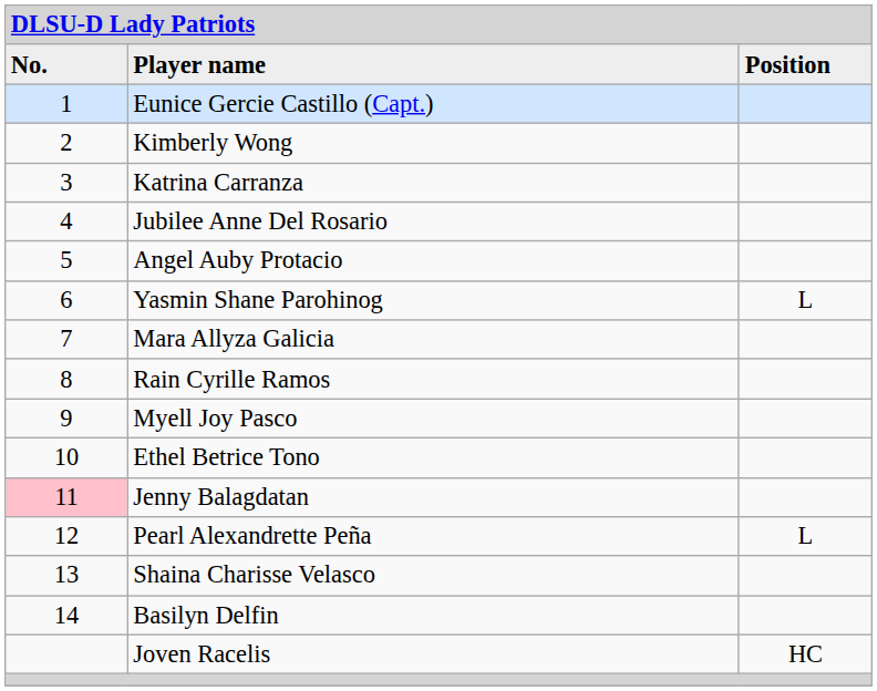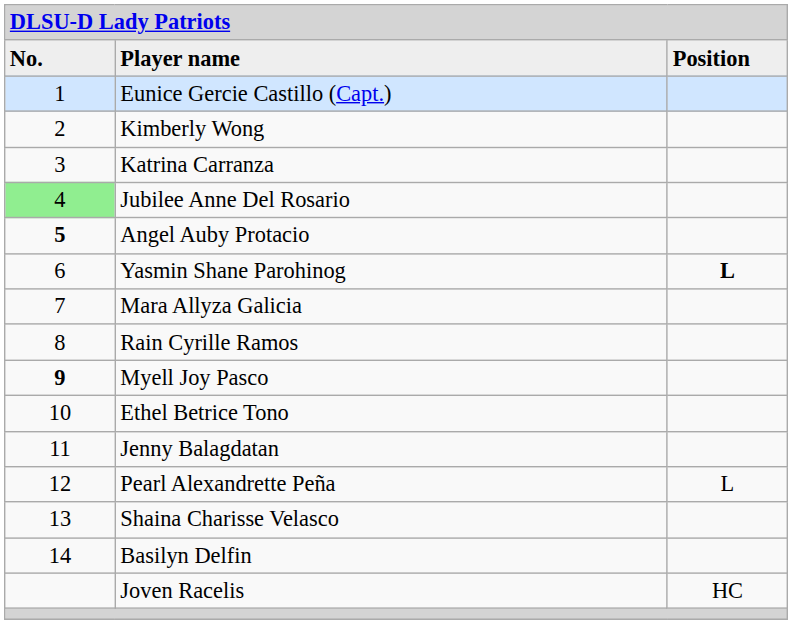 <table class="wikitable collapsible collapsed" style="font-size:100%;width:35em;">
 <tr>
 <th style="background:#D4D4D4; text-align:left;" colspan=3> <a href='#'>DLSU-D Lady Patriots</a></th>
 </tr>
 <tr style="background:#EEEEEE; font-weight:bold;">
 <td width=10%>No.</td>
 <td width=50%>Player name</td>
 <td width=10%>Position</td>
 </tr>
 <tr style="background:#D0E6FF;">
 <td align=center>1</td>
 <td>Eunice Gercie Castillo (<a href='#'>Capt.</a>)</td>
 <td align=center></td>
 </tr>
 <tr>
 <td align=center>2</td>
 <td>Kimberly Wong</td>
 <td align=center></td>
 </tr>
 <tr>
 <td align=center>3</td>
 <td>Katrina Carranza</td>
 <td align=center></td>
 </tr>
 <tr>
-<td align=center>4</td>
+<td align=center style="background: lightgreen;">4</td>
 <td>Jubilee Anne Del Rosario</td>
 <td align=center></td>
 </tr>
 <tr>
-<td align=center>5</td>
+<td align=center><strong>5</strong></td>
 <td>Angel Auby Protacio</td>
 <td align=center></td>
 </tr>
 <tr>
 <td align=center>6</td>
 <td>Yasmin Shane Parohinog</td>
-<td align=center>L</td>
+<td align=center><strong>L</strong></td>
 </tr>
 <tr>
 <td align=center>7</td>
 <td>Mara Allyza Galicia</td>
 <td align=center></td>
 </tr>
 <tr>
 <td align=center>8</td>
 <td>Rain Cyrille Ramos</td>
 <td align=center></td>
 </tr>
 <tr>
-<td align=center>9</td>
+<td align=center><strong>9</strong></td>
 <td>Myell Joy Pasco</td>
 <td align=center></td>
 </tr>
 <tr>
 <td align=center>10</td>
 <td>Ethel Betrice Tono</td>
 <td align=center></td>
 </tr>
 <tr>
-<td align=center style="background: pink;">11</td>
+<td align=center>11</td>
 <td>Jenny Balagdatan</td>
 <td align=center></td>
 </tr>
 <tr>
 <td align=center>12</td>
 <td>Pearl Alexandrette Peña</td>
 <td align=center>L</td>
 </tr>
 <tr>
 <td align=center>13</td>
 <td>Shaina Charisse Velasco</td>
 <td align=center></td>
 </tr>
 <tr>
 <td align=center>14</td>
 <td>Basilyn Delfin</td>
 <td align=center></td>
 </tr>
 <tr>
 <td align=center></td>
 <td>Joven Racelis</td>
 <td align=center>HC</td>
 </tr>
 <tr>
 <th style="background:#D4D4D4;" colspan=3></th>
 </tr>
 <tr>
 </tr>
 </table>
